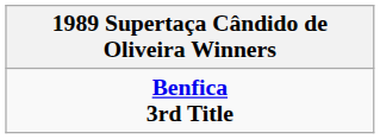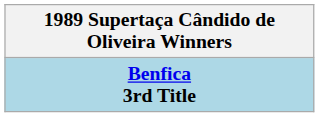 <table class="wikitable" style="text-align: center; margin: 0 auto; width: 20%">
 <tr>
 <th>1989 Supertaça Cândido de Oliveira Winners</th>
 </tr>
 <tr>
-<td><strong><a href='#'>Benfica</a></strong><br><strong>3rd Title</strong></td>
+<td style="background: lightblue;"><strong><a href='#'>Benfica</a></strong><br><strong>3rd Title</strong></td>
 </tr>
 </table>
